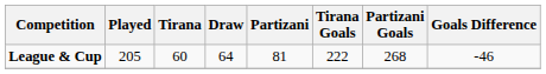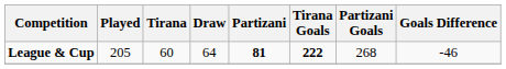 <table class=wikitable style="text-align:center">
 <tr>
 <th>Competition</th>
 <th>Played</th>
 <th>Tirana</th>
 <th>Draw</th>
 <th>Partizani</th>
 <th>Tirana <br> Goals</th>
 <th>Partizani <br> Goals</th>
 <th>Goals Difference</th>
 </tr>
 <tr>
 <td><strong>League & Cup</strong></td>
 <td>205</td>
 <td>60</td>
 <td>64</td>
-<td>81</td>
-<td>222</td>
+<td><strong>81</strong></td>
+<td><strong>222</strong></td>
 <td>268</td>
 <td>-46</td>
 </tr>
 <tr>
 </tr>
 </table>
